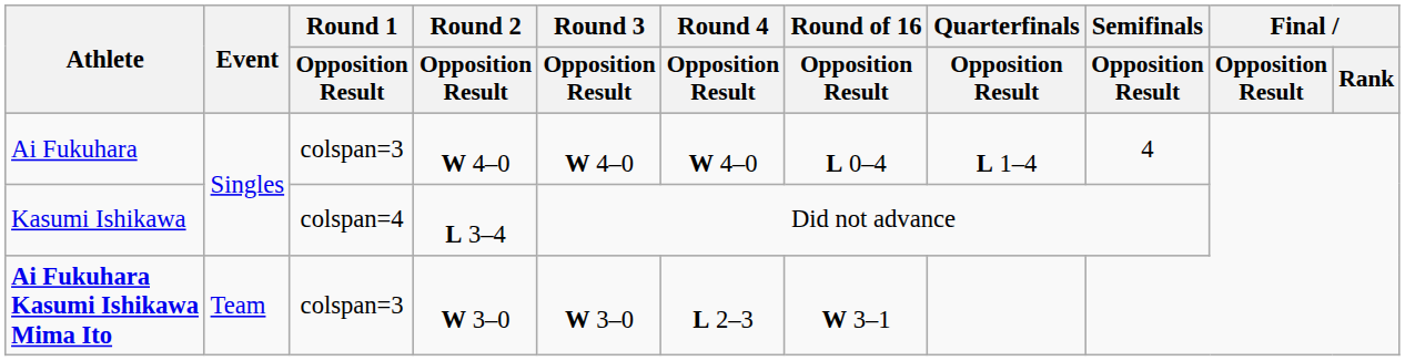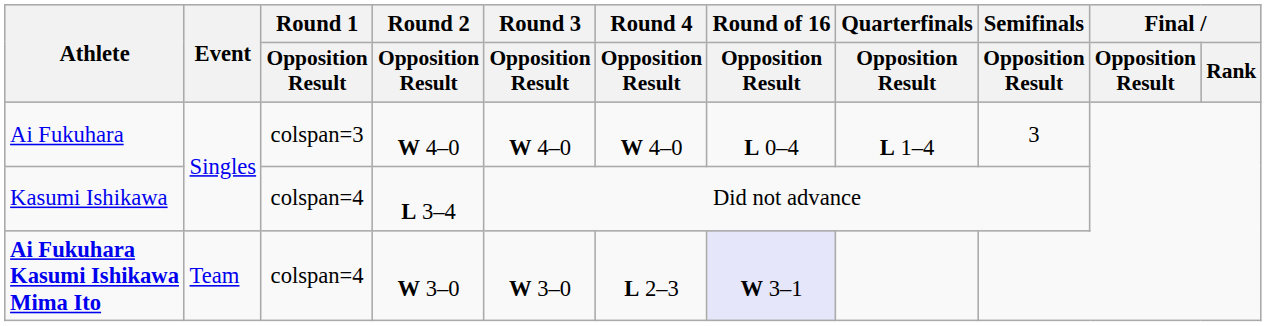 <table class="wikitable" style="font-size:90%;">
 <tr>
 <th rowspan=2>Athlete</th>
 <th rowspan=2>Event</th>
 <th>Round 1</th>
 <th>Round 2</th>
 <th>Round 3</th>
 <th>Round 4</th>
 <th>Round of 16</th>
 <th>Quarterfinals</th>
 <th>Semifinals</th>
 <th colspan=2>Final / </th>
 </tr>
 <tr style="font-size:95%">
 <th>Opposition<br>Result</th>
 <th>Opposition<br>Result</th>
 <th>Opposition<br>Result</th>
 <th>Opposition<br>Result</th>
 <th>Opposition<br>Result</th>
 <th>Opposition<br>Result</th>
 <th>Opposition<br>Result</th>
 <th>Opposition<br>Result</th>
 <th>Rank</th>
 </tr>
 <tr align=center>
 <td align=left><a href='#'>Ai Fukuhara</a></td>
 <td align=left rowspan=2><a href='#'>Singles</a></td>
 <td>colspan=3 </td>
 <td><br><strong>W</strong> 4–0</td>
 <td><br><strong>W</strong> 4–0</td>
 <td><br><strong>W</strong> 4–0</td>
 <td><br><strong>L</strong> 0–4</td>
 <td><br><strong>L</strong> 1–4</td>
-<td>4</td>
+<td>3</td>
 </tr>
 <tr align=center>
 <td align=left><a href='#'>Kasumi Ishikawa</a></td>
 <td>colspan=4 </td>
 <td><br><strong>L</strong> 3–4</td>
 <td colspan=5>Did not advance</td>
 </tr>
 <tr align=center>
 <td align=left><strong><a href='#'>Ai Fukuhara</a><br><a href='#'>Kasumi Ishikawa</a><br><a href='#'>Mima Ito</a></strong></td>
 <td align=left><a href='#'>Team</a></td>
-<td>colspan=3 </td>
+<td>colspan=4 </td>
 <td><br><strong>W</strong> 3–0</td>
 <td><br><strong>W</strong> 3–0</td>
 <td><br><strong>L</strong> 2–3</td>
-<td><br><strong>W</strong> 3–1</td>
+<td style="background: lavender;"><br><strong>W</strong> 3–1</td>
 <td></td>
 </tr>
 </table>
